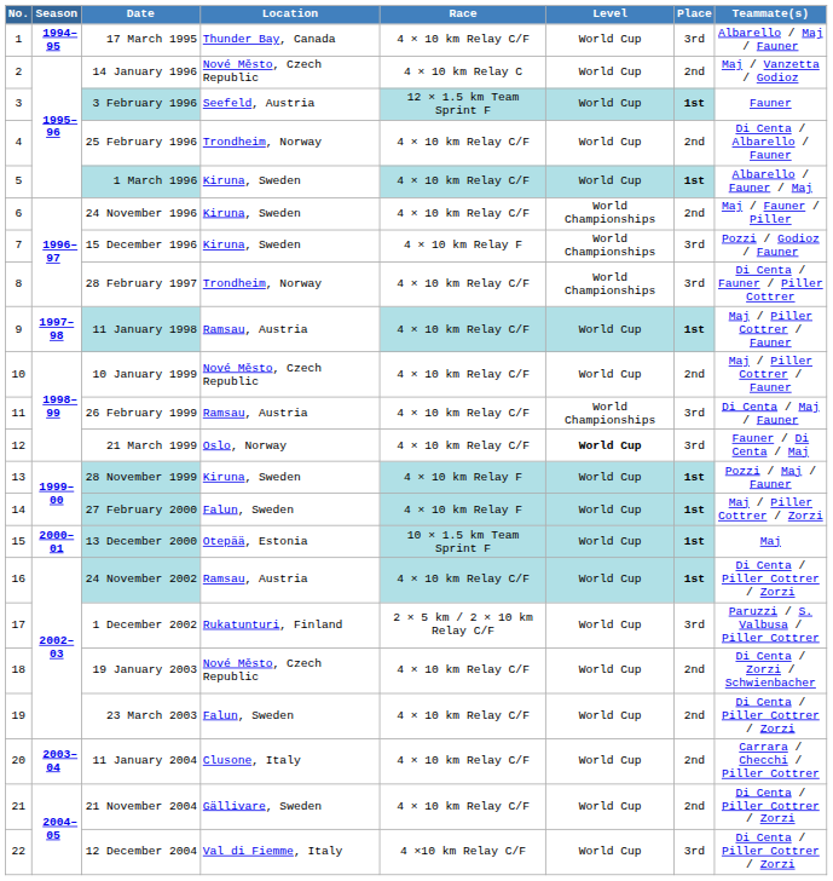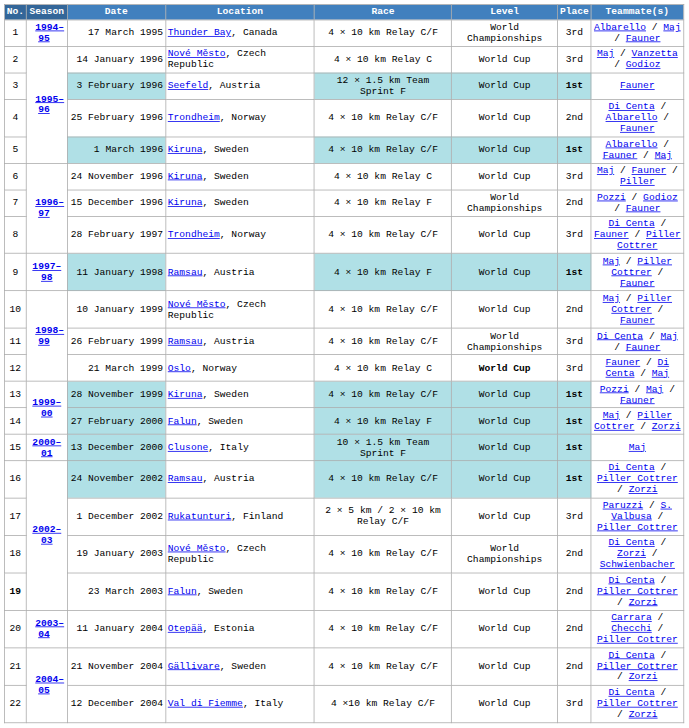 <table class="wikitable sortable" style="font-size:95%; text-align:center; border:grey solid 1px; border-collapse:collapse; background:#ffffff;">
 <tr style="background:#efefef;">
 <th style="background-color:#369; color:white;">No.</th>
 <th style="background-color:#369; color:white;">Season</th>
 <th style="background-color:#4180be; color:white; width:120px;">Date</th>
 <th style="background-color:#4180be; color:white; width:185px;">Location</th>
 <th style="background-color:#4180be; color:white; width:170px;">Race</th>
 <th style="background-color:#4180be; color:white; width:130px;">Level</th>
 <th style="background-color:#4180be; color:white;">Place</th>
 <th style="background-color:#4180be; color:white;">Teammate(s)</th>
 </tr>
 <tr>
 <td align=center>1</td>
 <td rowspan=1 align=center><strong> <a href='#'>1994–95</a> </strong></td>
 <td align=right>17 March 1995</td>
 <td align=left> <a href='#'>Thunder Bay</a>, Canada</td>
 <td>4 × 10 km Relay C/F</td>
-<td>World Cup</td>
+<td>World Championships</td>
 <td>3rd</td>
 <td><a href='#'>Albarello</a> / <a href='#'>Maj</a> / <a href='#'>Fauner</a></td>
 </tr>
 <tr>
 <td align=center>2</td>
 <td rowspan=4 align=center><strong> <a href='#'>1995–96</a> </strong></td>
 <td align=right>14 January 1996</td>
 <td align=left> <a href='#'>Nové Město</a>, Czech Republic</td>
 <td>4 × 10 km Relay C</td>
 <td>World Cup</td>
-<td>2nd</td>
+<td>3rd</td>
 <td><a href='#'>Maj</a> / <a href='#'>Vanzetta</a> / <a href='#'>Godioz</a></td>
 </tr>
 <tr>
 <td align=center>3</td>
 <td bgcolor="#BOEOE6" align=right>3 February 1996</td>
 <td align=left> <a href='#'>Seefeld</a>, Austria</td>
 <td bgcolor="#BOEOE6">12 × 1.5 km Team Sprint F</td>
 <td bgcolor="#BOEOE6">World Cup</td>
 <td bgcolor="#BOEOE6"><strong>1st</strong></td>
 <td><a href='#'>Fauner</a></td>
 </tr>
 <tr>
 <td align=center>4</td>
 <td align=right>25 February 1996</td>
 <td align=left> <a href='#'>Trondheim</a>, Norway</td>
 <td>4 × 10 km Relay C/F</td>
 <td>World Cup</td>
 <td>2nd</td>
 <td><a href='#'>Di Centa</a> / <a href='#'>Albarello</a> / <a href='#'>Fauner</a></td>
 </tr>
 <tr>
 <td align=center>5</td>
 <td bgcolor="#BOEOE6" align=right>1 March 1996</td>
 <td align=left> <a href='#'>Kiruna</a>, Sweden</td>
 <td bgcolor="#BOEOE6">4 × 10 km Relay C/F</td>
 <td bgcolor="#BOEOE6">World Cup</td>
 <td bgcolor="#BOEOE6"><strong>1st</strong></td>
 <td><a href='#'>Albarello</a> / <a href='#'>Fauner</a> / <a href='#'>Maj</a></td>
 </tr>
 <tr>
 <td align=center>6</td>
 <td rowspan=3 align=center><strong> <a href='#'>1996–97</a> </strong></td>
 <td align=right>24 November 1996</td>
 <td align=left> <a href='#'>Kiruna</a>, Sweden</td>
-<td>4 × 10 km Relay C/F</td>
-<td>World Championships</td>
-<td>2nd</td>
+<td>4 × 10 km Relay C</td>
+<td>World Cup</td>
+<td>3rd</td>
 <td><a href='#'>Maj</a> / <a href='#'>Fauner</a> / <a href='#'>Piller</a></td>
 </tr>
 <tr>
 <td align=center>7</td>
 <td align=right>15 December 1996</td>
 <td align=left> <a href='#'>Kiruna</a>, Sweden</td>
 <td>4 × 10 km Relay F</td>
 <td>World Championships</td>
-<td>3rd</td>
+<td>2nd</td>
 <td><a href='#'>Pozzi</a> / <a href='#'>Godioz</a> / <a href='#'>Fauner</a></td>
 </tr>
 <tr>
 <td align=center>8</td>
 <td align=right>28 February 1997</td>
 <td align=left> <a href='#'>Trondheim</a>, Norway</td>
 <td>4 × 10 km Relay C/F</td>
-<td>World Championships</td>
+<td>World Cup</td>
 <td>3rd</td>
 <td><a href='#'>Di Centa</a> / <a href='#'>Fauner</a> / <a href='#'>Piller Cottrer</a></td>
 </tr>
 <tr>
 <td align=center>9</td>
 <td rowspan=1 align=center><strong><a href='#'>1997–98</a></strong></td>
 <td bgcolor="#BOEOE6" align=right>11 January 1998</td>
 <td align=left> <a href='#'>Ramsau</a>, Austria</td>
-<td bgcolor="#BOEOE6">4 × 10 km Relay C/F</td>
+<td bgcolor="#BOEOE6">4 × 10 km Relay F</td>
 <td bgcolor="#BOEOE6">World Cup</td>
 <td bgcolor="#BOEOE6"><strong>1st</strong></td>
 <td><a href='#'>Maj</a> / <a href='#'>Piller Cottrer</a> / <a href='#'>Fauner</a></td>
 </tr>
 <tr>
 <td align=center>10</td>
 <td rowspan=3 align=center><strong> <a href='#'>1998–99</a> </strong></td>
 <td align=right>10 January 1999</td>
 <td align=left> <a href='#'>Nové Město</a>, Czech Republic</td>
 <td>4 × 10 km Relay C/F</td>
 <td>World Cup</td>
 <td>2nd</td>
 <td><a href='#'>Maj</a> / <a href='#'>Piller Cottrer</a> / <a href='#'>Fauner</a></td>
 </tr>
 <tr>
 <td align=center>11</td>
 <td align=right>26 February 1999</td>
 <td align=left> <a href='#'>Ramsau</a>, Austria</td>
 <td>4 × 10 km Relay C/F</td>
 <td>World Championships</td>
 <td>3rd</td>
 <td><a href='#'>Di Centa</a> / <a href='#'>Maj</a> / <a href='#'>Fauner</a></td>
 </tr>
 <tr>
 <td align=center>12</td>
 <td align=right>21 March 1999</td>
 <td align=left> <a href='#'>Oslo</a>, Norway</td>
-<td>4 × 10 km Relay C/F</td>
+<td>4 × 10 km Relay C</td>
 <td><strong>World Cup</strong></td>
 <td>3rd</td>
 <td><a href='#'>Fauner</a> / <a href='#'>Di Centa</a> / <a href='#'>Maj</a></td>
 </tr>
 <tr>
 <td align=center>13</td>
 <td rowspan=2 align=center><strong><a href='#'>1999–00</a></strong></td>
 <td bgcolor="#BOEOE6" align=right>28 November 1999</td>
 <td align=left> <a href='#'>Kiruna</a>, Sweden</td>
-<td bgcolor="#BOEOE6">4 × 10 km Relay F</td>
+<td bgcolor="#BOEOE6">4 × 10 km Relay C/F</td>
 <td bgcolor="#BOEOE6">World Cup</td>
 <td bgcolor="#BOEOE6"><strong>1st</strong></td>
 <td><a href='#'>Pozzi</a> / <a href='#'>Maj</a> / <a href='#'>Fauner</a></td>
 </tr>
 <tr>
 <td align=center>14</td>
 <td bgcolor="#BOEOE6" align=right>27 February 2000</td>
 <td align=left> <a href='#'>Falun</a>, Sweden</td>
 <td bgcolor="#BOEOE6">4 × 10 km Relay F</td>
 <td bgcolor="#BOEOE6">World Cup</td>
 <td bgcolor="#BOEOE6"><strong>1st</strong></td>
 <td><a href='#'>Maj</a> / <a href='#'>Piller Cottrer</a> / <a href='#'>Zorzi</a></td>
 </tr>
 <tr>
 <td align=center>15</td>
 <td rowspan=1 align=center><strong><a href='#'>2000–01</a></strong></td>
 <td bgcolor="#BOEOE6" align=right>13 December 2000</td>
-<td align=left> <a href='#'>Otepää</a>, Estonia</td>
+<td align=left> <a href='#'>Clusone</a>, Italy</td>
 <td bgcolor="#BOEOE6">10 × 1.5 km Team Sprint F</td>
 <td bgcolor="#BOEOE6">World Cup</td>
 <td bgcolor="#BOEOE6"><strong>1st</strong></td>
 <td><a href='#'>Maj</a></td>
 </tr>
 <tr>
 <td align=center>16</td>
 <td rowspan=4 align=center><strong><a href='#'>2002–03</a></strong></td>
 <td bgcolor="#BOEOE6" align=right>24 November 2002</td>
 <td align=left> <a href='#'>Ramsau</a>, Austria</td>
 <td bgcolor="#BOEOE6">4 × 10 km Relay C/F</td>
 <td bgcolor="#BOEOE6">World Cup</td>
 <td bgcolor="#BOEOE6"><strong>1st</strong></td>
 <td><a href='#'>Di Centa</a> / <a href='#'>Piller Cottrer</a> / <a href='#'>Zorzi</a></td>
 </tr>
 <tr>
 <td align=center>17</td>
 <td align=right>1 December 2002</td>
 <td align=left> <a href='#'>Rukatunturi</a>, Finland</td>
 <td>2 × 5 km / 2 × 10 km Relay C/F</td>
 <td>World Cup</td>
 <td>3rd</td>
 <td><a href='#'>Paruzzi</a> / <a href='#'>S. Valbusa</a> / <a href='#'>Piller Cottrer</a></td>
 </tr>
 <tr>
 <td align=center>18</td>
 <td align=right>19 January 2003</td>
 <td align=left> <a href='#'>Nové Město</a>, Czech Republic</td>
 <td>4 × 10 km Relay C/F</td>
-<td>World Cup</td>
+<td>World Championships</td>
 <td>2nd</td>
 <td><a href='#'>Di Centa</a> / <a href='#'>Zorzi</a> / <a href='#'>Schwienbacher</a></td>
 </tr>
 <tr>
-<td align=center>19</td>
+<td align=center><strong>19</strong></td>
 <td align=right>23 March 2003</td>
 <td align=left> <a href='#'>Falun</a>, Sweden</td>
 <td>4 × 10 km Relay C/F</td>
 <td>World Cup</td>
 <td>2nd</td>
 <td><a href='#'>Di Centa</a> / <a href='#'>Piller Cottrer</a> / <a href='#'>Zorzi</a></td>
 </tr>
 <tr>
 <td align=center>20</td>
 <td rowspan=1 align=center><strong> <a href='#'>2003–04</a> </strong></td>
 <td align=right>11 January 2004</td>
-<td align=left> <a href='#'>Clusone</a>, Italy</td>
+<td align=left> <a href='#'>Otepää</a>, Estonia</td>
 <td>4 × 10 km Relay C/F</td>
 <td>World Cup</td>
 <td>2nd</td>
 <td><a href='#'>Carrara</a> / <a href='#'>Checchi</a> / <a href='#'>Piller Cottrer</a></td>
 </tr>
 <tr>
 <td align=center>21</td>
 <td rowspan=2 align=center><strong> <a href='#'>2004–05</a> </strong></td>
 <td align=right>21 November 2004</td>
 <td align=left> <a href='#'>Gällivare</a>, Sweden</td>
 <td>4 × 10 km Relay C/F</td>
 <td>World Cup</td>
 <td>2nd</td>
 <td><a href='#'>Di Centa</a> / <a href='#'>Piller Cottrer</a> / <a href='#'>Zorzi</a></td>
 </tr>
 <tr>
 <td align=center>22</td>
 <td align=right>12 December 2004</td>
 <td align=left> <a href='#'>Val di Fiemme</a>, Italy</td>
 <td>4 ×10 km Relay C/F</td>
 <td>World Cup</td>
 <td>3rd</td>
 <td><a href='#'>Di Centa</a> / <a href='#'>Piller Cottrer</a> / <a href='#'>Zorzi</a></td>
 </tr>
 </table>
